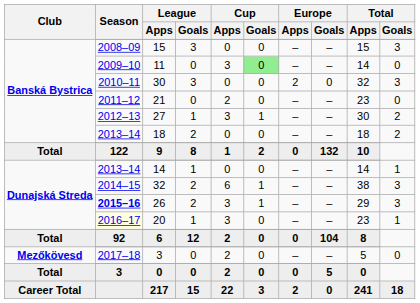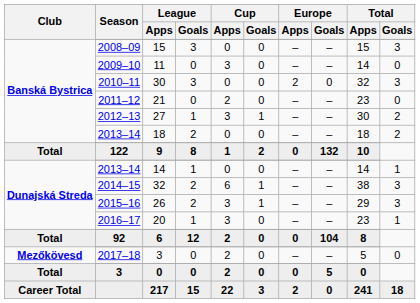 <table class="wikitable" style="font-size:90%; text-align: center;">
 <tr>
 <th rowspan="2">Club</th>
 <th rowspan="2">Season</th>
 <th colspan="2">League</th>
 <th colspan="2">Cup</th>
 <th colspan="2">Europe</th>
 <th colspan="2">Total</th>
 </tr>
 <tr>
 <th>Apps</th>
 <th>Goals</th>
 <th>Apps</th>
 <th>Goals</th>
 <th>Apps</th>
 <th>Goals</th>
 <th>Apps</th>
 <th>Goals</th>
 </tr>
 <tr ||-||-||-|->
 <td rowspan="8" valign="center"><strong><a href='#'>Banská Bystrica</a></strong></td>
 </tr>
 <tr>
 <td><a href='#'>2008–09</a></td>
 <td>15</td>
 <td>3</td>
 <td>0</td>
 <td>0</td>
 <td>–</td>
 <td>–</td>
 <td>15</td>
 <td>3</td>
 </tr>
 <tr>
 <td><a href='#'>2009–10</a></td>
 <td>11</td>
 <td>0</td>
 <td>3</td>
-<td style="background: lightgreen;">0</td>
+<td>0</td>
 <td>–</td>
 <td>–</td>
 <td>14</td>
 <td>0</td>
 </tr>
 <tr>
 <td><a href='#'>2010–11</a></td>
 <td>30</td>
 <td>3</td>
 <td>0</td>
 <td>0</td>
 <td>2</td>
 <td>0</td>
 <td>32</td>
 <td>3</td>
 </tr>
 <tr>
 <td><a href='#'>2011–12</a></td>
 <td>21</td>
 <td>0</td>
 <td>2</td>
 <td>0</td>
 <td>–</td>
 <td>–</td>
 <td>23</td>
 <td>0</td>
 </tr>
 <tr>
 <td><a href='#'>2012–13</a></td>
 <td>27</td>
 <td>1</td>
 <td>3</td>
 <td>1</td>
 <td>–</td>
 <td>–</td>
 <td>30</td>
 <td>2</td>
 </tr>
 <tr>
 <td><a href='#'>2013–14</a></td>
 <td>18</td>
 <td>2</td>
 <td>0</td>
 <td>0</td>
 <td>–</td>
 <td>–</td>
 <td>18</td>
 <td>2</td>
 </tr>
 <tr>
 </tr>
 <tr style="font-weight:bold; background-color:#eeeeee;">
 <td>Total</td>
 <td>122</td>
 <td>9</td>
 <td>8</td>
 <td>1</td>
 <td>2</td>
 <td>0</td>
 <td>132</td>
 <td>10</td>
 </tr>
 <tr>
 <td rowspan="6" valign="center"><strong><a href='#'>Dunajská Streda</a></strong></td>
 </tr>
 <tr>
 <td><a href='#'>2013–14</a></td>
 <td>14</td>
 <td>1</td>
 <td>0</td>
 <td>0</td>
 <td>–</td>
 <td>–</td>
 <td>14</td>
 <td>1</td>
 </tr>
 <tr>
 <td><a href='#'>2014–15</a></td>
 <td>32</td>
 <td>2</td>
 <td>6</td>
 <td>1</td>
 <td>–</td>
 <td>–</td>
 <td>38</td>
 <td>3</td>
 </tr>
 <tr>
-<td><strong><a href='#'>2015–16</a></strong></td>
+<td><a href='#'>2015–16</a></td>
 <td>26</td>
 <td>2</td>
 <td>3</td>
 <td>1</td>
 <td>–</td>
 <td>–</td>
 <td>29</td>
 <td>3</td>
 </tr>
 <tr>
-<td style="background: lightyellow;"><a href='#'>2016–17</a></td>
+<td><a href='#'>2016–17</a></td>
 <td>20</td>
 <td>1</td>
 <td>3</td>
 <td>0</td>
 <td>–</td>
 <td>–</td>
 <td>23</td>
 <td>1</td>
 </tr>
 <tr>
 </tr>
 <tr style="font-weight:bold; background-color:#eeeeee;">
 <td>Total</td>
 <td>92</td>
 <td>6</td>
 <td>12</td>
 <td>2</td>
 <td>0</td>
 <td>0</td>
 <td>104</td>
 <td>8</td>
 </tr>
 <tr>
 <td rowspan="3" valign="center"><strong><a href='#'>Mezőkövesd</a></strong></td>
 </tr>
 <tr>
 <td><a href='#'>2017–18</a></td>
 <td>3</td>
 <td>0</td>
 <td>2</td>
 <td>0</td>
 <td>–</td>
 <td>–</td>
 <td>5</td>
 <td>0</td>
 </tr>
 <tr>
 </tr>
 <tr style="font-weight:bold; background-color:#eeeeee;">
 <td>Total</td>
 <td>3</td>
 <td>0</td>
 <td>0</td>
 <td>2</td>
 <td>0</td>
 <td>0</td>
 <td>5</td>
 <td>0</td>
 </tr>
 <tr style="font-weight:bold; background-color:#eeeeee;">
 <td rowspan="1" valign="top"><strong>Career Total</strong></td>
 <td></td>
 <td><strong>217</strong></td>
 <td><strong>15</strong></td>
 <td><strong>22</strong></td>
 <td><strong>3</strong></td>
 <td><strong>2</strong></td>
 <td><strong>0</strong></td>
 <td><strong>241</strong></td>
 <td><strong>18</strong></td>
 </tr>
 </table>
